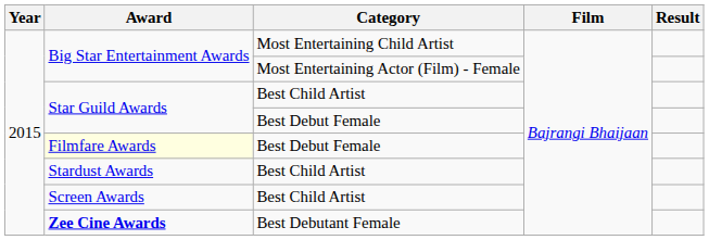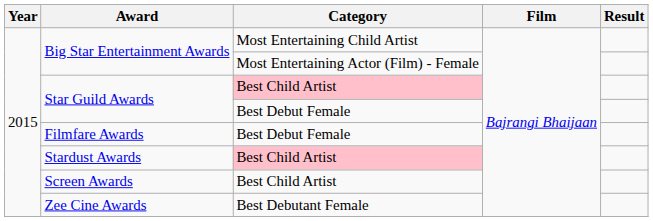 <table class="wikitable sortable plainrowheaders">
 <tr>
 <th scope="col">Year</th>
 <th scope="col">Award</th>
 <th scope="col">Category</th>
 <th scope="col">Film</th>
 <th scope="col">Result</th>
 </tr>
 <tr>
 <td rowspan="8">2015</td>
 <td rowspan="2"><a href='#'>Big Star Entertainment Awards</a></td>
 <td>Most Entertaining Child Artist</td>
 <td rowspan="8"><em><a href='#'>Bajrangi Bhaijaan</a></em></td>
 <td></td>
 </tr>
 <tr>
 <td>Most Entertaining Actor (Film) - Female</td>
 <td></td>
 </tr>
 <tr>
 <td rowspan="2"><a href='#'>Star Guild Awards</a></td>
-<td>Best Child Artist</td>
+<td style="background: pink;">Best Child Artist</td>
 <td></td>
 </tr>
 <tr>
 <td>Best Debut Female</td>
 <td></td>
 </tr>
 <tr>
-<td style="background: lightyellow;"><a href='#'>Filmfare Awards</a></td>
+<td><a href='#'>Filmfare Awards</a></td>
 <td>Best Debut Female</td>
 <td></td>
 </tr>
 <tr>
 <td><a href='#'>Stardust Awards</a></td>
-<td>Best Child Artist</td>
+<td style="background: pink;">Best Child Artist</td>
 <td></td>
 </tr>
 <tr>
 <td><a href='#'>Screen Awards</a></td>
 <td>Best Child Artist</td>
 <td></td>
 </tr>
 <tr>
-<td><strong><a href='#'>Zee Cine Awards</a></strong></td>
+<td><a href='#'>Zee Cine Awards</a></td>
 <td>Best Debutant Female</td>
 <td></td>
 </tr>
 </table>
